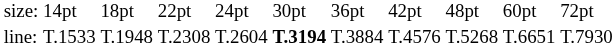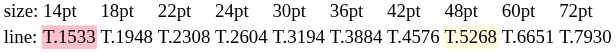 <table style="margin-left:40px;">
 <tr>
 <td>size:</td>
 <td>14pt</td>
 <td>18pt</td>
 <td>22pt</td>
 <td>24pt</td>
 <td>30pt</td>
 <td>36pt</td>
 <td>42pt</td>
 <td>48pt</td>
 <td>60pt</td>
 <td>72pt</td>
 </tr>
 <tr>
 <td>line:</td>
-<td>T.1533</td>
+<td style="background: pink;">T.1533</td>
 <td>T.1948</td>
 <td>T.2308</td>
 <td>T.2604</td>
-<td><strong>T.3194</strong></td>
+<td>T.3194</td>
 <td>T.3884</td>
 <td>T.4576</td>
-<td>T.5268</td>
+<td style="background: lightyellow;">T.5268</td>
 <td>T.6651</td>
 <td>T.7930</td>
 </tr>
 </table>
